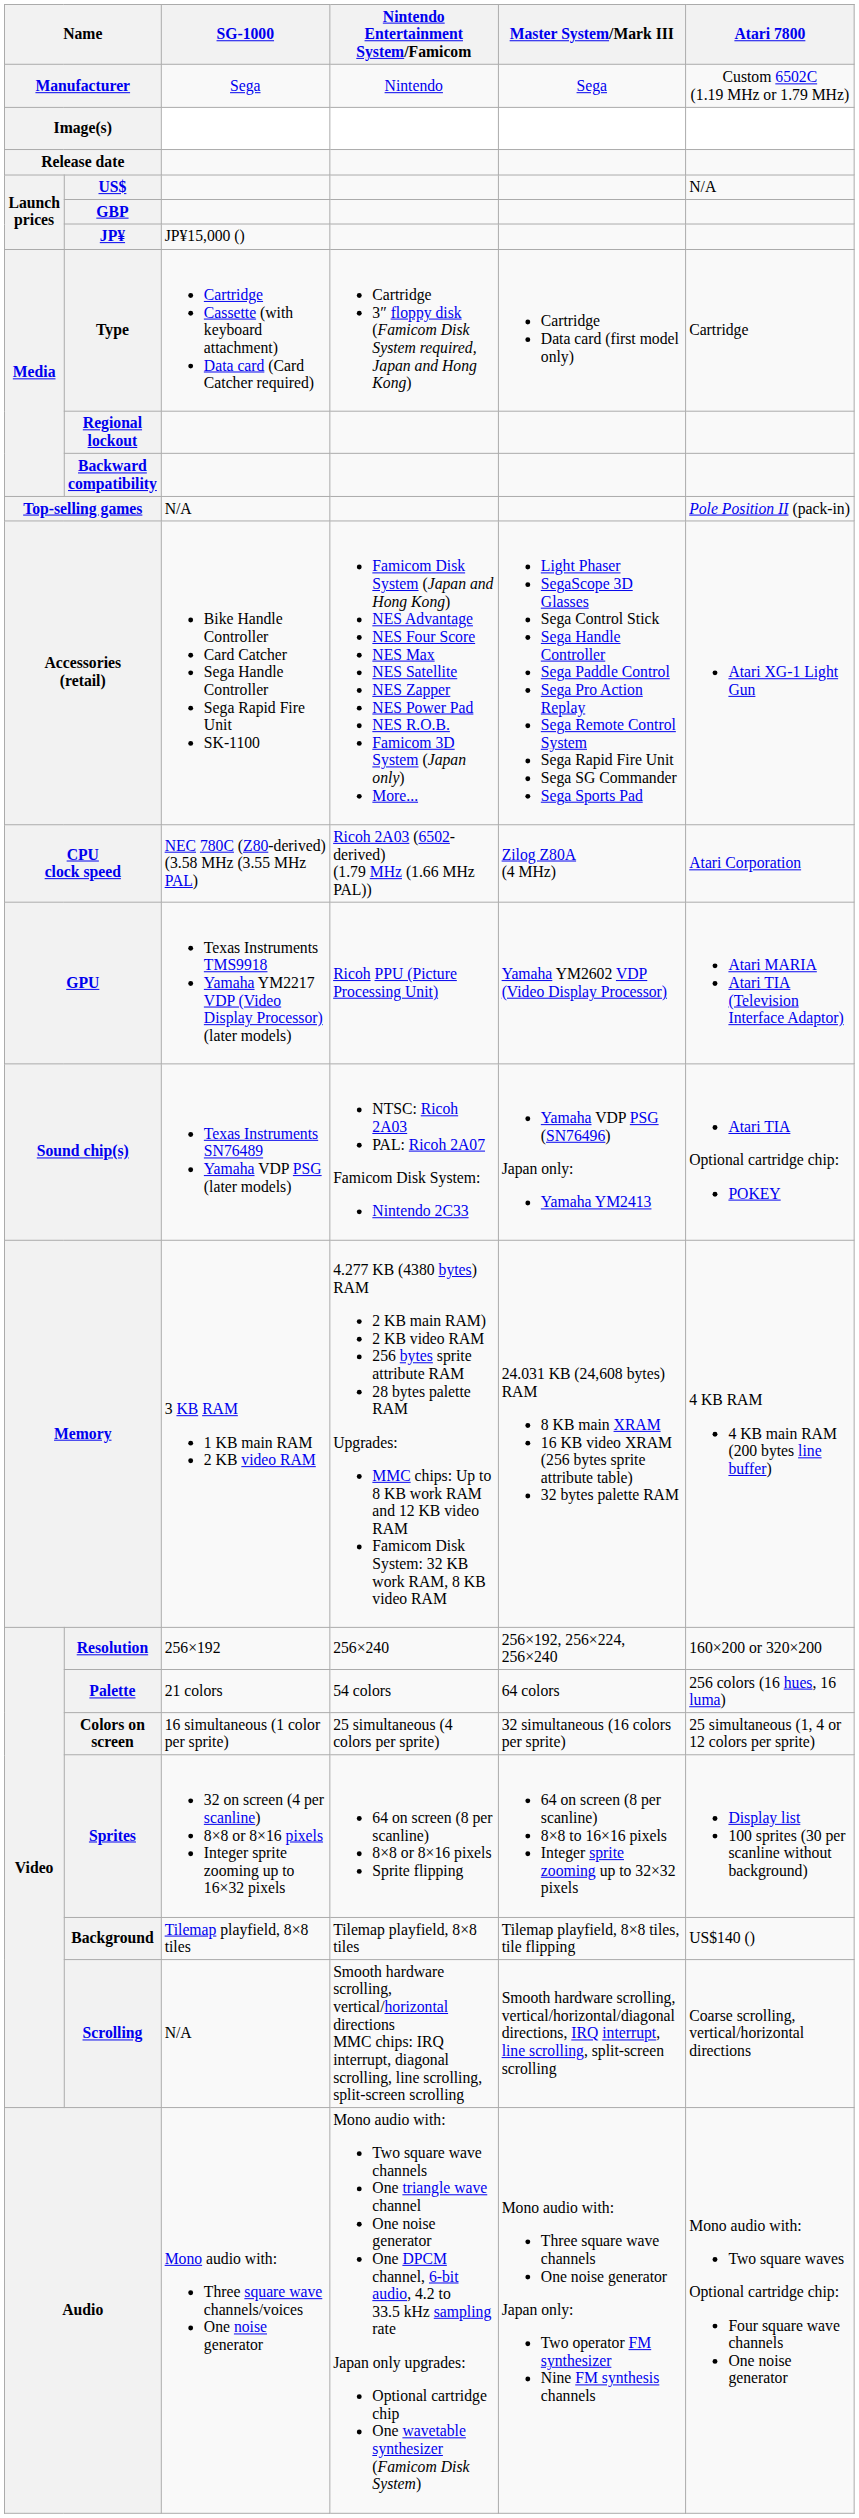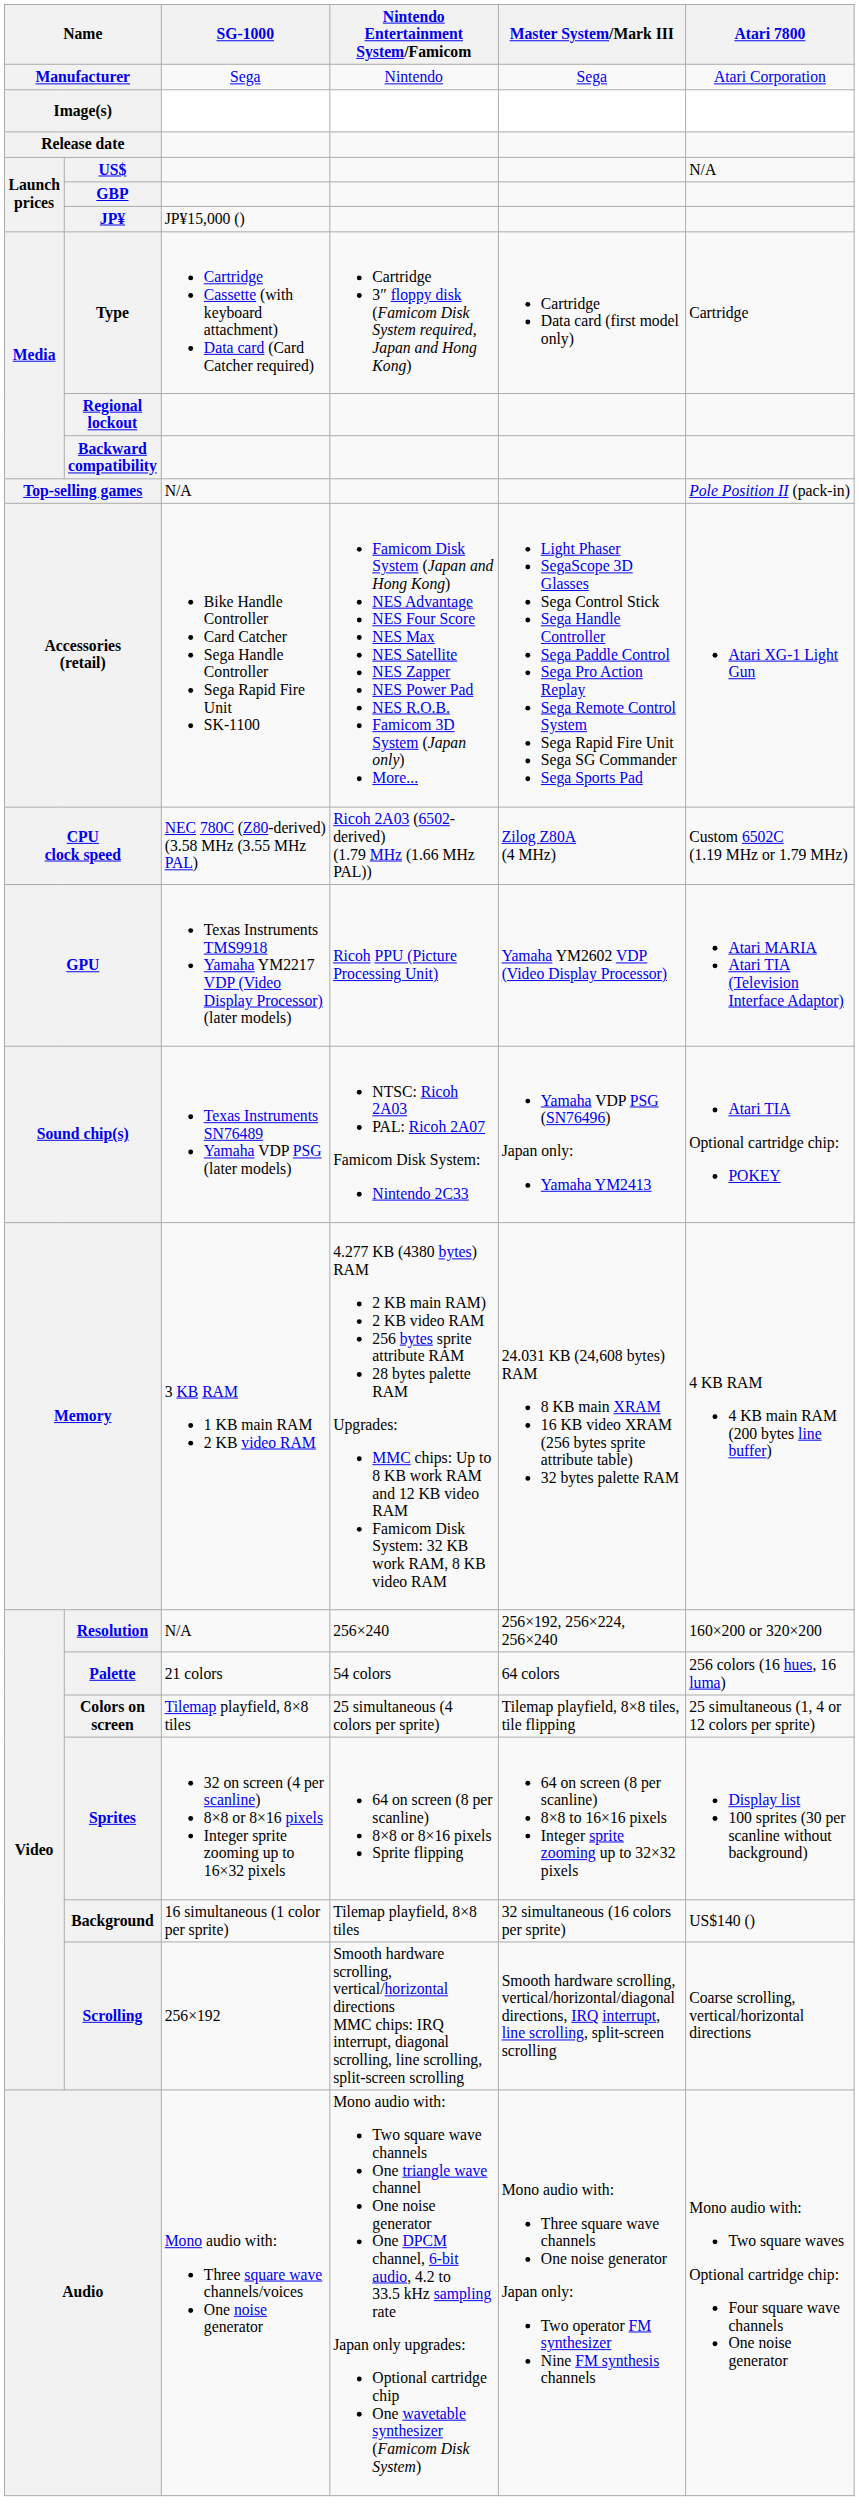 <table class="wikitable">
 <tr>
 <th colspan="2" style="width: 5%">Name</th>
 <th style="width: 19%;"><a href='#'>SG-1000</a></th>
 <th style="width: 19%;"><a href='#'>Nintendo Entertainment System</a>/Famicom</th>
 <th style="width: 19%;"><a href='#'>Master System</a>/Mark III</th>
 <th style="width: 19%;"><a href='#'>Atari 7800</a></th>
 </tr>
 <tr style="text-align:center;">
 <th colspan="2"><a href='#'>Manufacturer</a></th>
 <td><a href='#'>Sega</a></td>
 <td><a href='#'>Nintendo</a></td>
 <td><a href='#'>Sega</a></td>
-<td>Custom <a href='#'>6502C</a><br>(1.19 MHz or 1.79 MHz)</td>
+<td><a href='#'>Atari Corporation</a></td>
 </tr>
 <tr style="text-align:center;">
 <th colspan="2">Image(s)</th>
 <td style="background:white;"><br></td>
 <td style="background:white;"><br><br></td>
 <td style="background:white;"><br><br></td>
 <td style="background:white;"><br></td>
 </tr>
 <tr style="vertical-align: center">
 <th colspan="2">Release date</th>
 <td></td>
 <td></td>
 <td></td>
 <td></td>
 </tr>
 <tr>
 <th rowspan="3">Launch prices</th>
 <th><a href='#'>US$</a></th>
 <td></td>
 <td></td>
 <td></td>
 <td>N/A</td>
 </tr>
 <tr>
 <th><a href='#'>GBP</a></th>
 <td></td>
 <td></td>
 <td></td>
 <td></td>
 </tr>
 <tr>
 <th><a href='#'>JP¥</a></th>
 <td>JP¥15,000 ()</td>
 <td></td>
 <td></td>
 <td></td>
 </tr>
 <tr>
 <th rowspan="3"><a href='#'>Media</a></th>
 <th>Type</th>
 <td><br><ul><li><a href='#'>Cartridge</a></li><li><a href='#'>Cassette</a> (with keyboard attachment)</li><li><a href='#'>Data card</a> (Card Catcher required)</li></ul></td>
 <td><br><ul><li>Cartridge</li><li>3″ <a href='#'>floppy disk</a> (<em>Famicom Disk System required, Japan and Hong Kong</em>)</li></ul></td>
 <td><br><ul><li>Cartridge</li><li>Data card (first model only)</li></ul></td>
 <td>Cartridge</td>
 </tr>
 <tr style="vertical-align: center">
 <th><a href='#'>Regional lockout</a></th>
 <td></td>
 <td></td>
 <td></td>
 <td></td>
 </tr>
 <tr style="vertical-align: center">
 <th><a href='#'>Backward compatibility</a></th>
 <td></td>
 <td></td>
 <td></td>
 <td></td>
 </tr>
 <tr>
 <th colspan="2"><a href='#'>Top-selling games</a></th>
 <td>N/A</td>
 <td></td>
 <td></td>
 <td><em><a href='#'>Pole Position II</a></em> (pack-in)</td>
 </tr>
 <tr>
 <th colspan="2">Accessories<br>(retail)</th>
 <td><br><ul><li>Bike Handle Controller</li><li>Card Catcher</li><li>Sega Handle Controller</li><li>Sega Rapid Fire Unit</li><li>SK-1100</li></ul></td>
 <td><br><ul><li><a href='#'>Famicom Disk System</a> (<em>Japan and Hong Kong</em>)</li><li><a href='#'>NES Advantage</a></li><li><a href='#'>NES Four Score</a></li><li><a href='#'>NES Max</a></li><li><a href='#'>NES Satellite</a></li><li><a href='#'>NES Zapper</a></li><li><a href='#'>NES Power Pad</a></li><li><a href='#'>NES R.O.B.</a></li><li><a href='#'>Famicom 3D System</a> (<em>Japan only</em>)</li><li><a href='#'>More...</a></li></ul></td>
 <td><br><ul><li><a href='#'>Light Phaser</a></li><li><a href='#'>SegaScope 3D Glasses</a></li><li>Sega Control Stick</li><li><a href='#'>Sega Handle Controller</a></li><li><a href='#'>Sega Paddle Control</a></li><li><a href='#'>Sega Pro Action Replay</a></li><li><a href='#'>Sega Remote Control System</a></li><li>Sega Rapid Fire Unit</li><li>Sega SG Commander</li><li><a href='#'>Sega Sports Pad</a></li></ul></td>
 <td><br><ul><li><a href='#'>Atari XG-1 Light Gun</a></li></ul></td>
 </tr>
 <tr style="vertical-align: center">
 <th colspan="2"><a href='#'>CPU</a><br><a href='#'>clock speed</a></th>
 <td><a href='#'>NEC</a> <a href='#'>780C</a> (<a href='#'>Z80</a>-derived)<br>(3.58 MHz (3.55 MHz <a href='#'>PAL</a>)</td>
 <td><a href='#'>Ricoh 2A03</a> (<a href='#'>6502</a>-derived)<br>(1.79 <a href='#'>MHz</a> (1.66 MHz PAL))</td>
 <td><a href='#'>Zilog Z80A</a><br>(4 MHz)</td>
-<td><a href='#'>Atari Corporation</a></td>
+<td>Custom <a href='#'>6502C</a><br>(1.19 MHz or 1.79 MHz)</td>
 </tr>
 <tr style="vertical-align: center">
 <th colspan="2"><a href='#'>GPU</a></th>
 <td><br><ul><li>Texas Instruments <a href='#'>TMS9918</a></li><li><a href='#'>Yamaha</a> YM2217 <a href='#'>VDP (Video Display Processor)</a> (later models)</li></ul></td>
 <td><a href='#'>Ricoh</a> <a href='#'>PPU (Picture Processing Unit)</a></td>
 <td><a href='#'>Yamaha</a> YM2602 <a href='#'>VDP (Video Display Processor)</a></td>
 <td><br><ul><li><a href='#'>Atari MARIA</a></li><li><a href='#'>Atari TIA (Television Interface Adaptor)</a></li></ul></td>
 </tr>
 <tr>
 <th colspan="2"><a href='#'>Sound chip(s)</a></th>
 <td><br><ul><li><a href='#'>Texas Instruments SN76489</a></li><li><a href='#'>Yamaha</a> VDP <a href='#'>PSG</a> (later models)</li></ul></td>
 <td><br><ul><li>NTSC: <a href='#'>Ricoh 2A03</a></li><li>PAL: <a href='#'>Ricoh 2A07</a></li></ul>Famicom Disk System:<ul><li><a href='#'>Nintendo 2C33</a></li></ul></td>
 <td><br><ul><li><a href='#'>Yamaha</a> VDP <a href='#'>PSG</a> (<a href='#'>SN76496</a>)</li></ul>Japan only:<ul><li><a href='#'>Yamaha YM2413</a></li></ul></td>
 <td><br><ul><li><a href='#'>Atari TIA</a></li></ul>Optional cartridge chip:<ul><li><a href='#'>POKEY</a></li></ul></td>
 </tr>
 <tr style="vertical-align: center">
 <th colspan="2"><a href='#'>Memory</a></th>
 <td><br>3 <a href='#'>KB</a> <a href='#'>RAM</a><ul><li>1 KB main RAM</li><li>2 KB <a href='#'>video RAM</a></li></ul></td>
 <td><br>4.277 KB (4380 <a href='#'>bytes</a>) RAM<ul><li>2 KB main RAM)</li><li>2 KB video RAM</li><li>256 <a href='#'>bytes</a> sprite attribute RAM</li><li>28 bytes palette RAM</li></ul>Upgrades:<ul><li><a href='#'>MMC</a> chips: Up to 8 KB work RAM and 12 KB video RAM</li><li>Famicom Disk System: 32 KB work RAM, 8 KB video RAM</li></ul></td>
 <td><br>24.031 KB (24,608 bytes) RAM<ul><li>8 KB main <a href='#'>XRAM</a></li><li>16 KB video XRAM<br>(256 bytes sprite attribute table)</li><li>32 bytes palette RAM</li></ul></td>
 <td><br>4 KB RAM<ul><li>4 KB main RAM<br>(200 bytes <a href='#'>line buffer</a>)</li></ul></td>
 </tr>
 <tr style="vertical-align: center">
 <th rowspan="6">Video</th>
 <th><a href='#'>Resolution</a></th>
-<td>256×192</td>
+<td>N/A</td>
 <td>256×240</td>
 <td>256×192, 256×224, 256×240</td>
 <td>160×200 or 320×200</td>
 </tr>
 <tr>
 <th><a href='#'>Palette</a></th>
 <td>21 colors</td>
 <td>54 colors</td>
 <td>64 colors</td>
 <td>256 colors (16 <a href='#'>hues</a>, 16 <a href='#'>luma</a>)</td>
 </tr>
 <tr>
 <th>Colors on screen</th>
-<td>16 simultaneous (1 color per sprite)</td>
+<td><a href='#'>Tilemap</a> playfield, 8×8 tiles</td>
 <td>25 simultaneous (4 colors per sprite)</td>
-<td>32 simultaneous (16 colors per sprite)</td>
+<td>Tilemap playfield, 8×8 tiles, tile flipping</td>
 <td>25 simultaneous (1, 4 or 12 colors per sprite)</td>
 </tr>
 <tr>
 <th><a href='#'>Sprites</a></th>
 <td><br><ul><li>32 on screen (4 per <a href='#'>scanline</a>)</li><li>8×8 or 8×16 <a href='#'>pixels</a></li><li>Integer sprite zooming up to 16×32 pixels</li></ul></td>
 <td><br><ul><li>64 on screen (8 per scanline)</li><li>8×8 or 8×16 pixels</li><li>Sprite flipping</li></ul></td>
 <td><br><ul><li>64 on screen (8 per scanline)</li><li>8×8 to 16×16 pixels</li><li>Integer <a href='#'>sprite zooming</a> up to 32×32 pixels</li></ul></td>
 <td><br><ul><li><a href='#'>Display list</a></li><li>100 sprites (30 per scanline without background)</li></ul></td>
 </tr>
 <tr>
 <th>Background</th>
-<td><a href='#'>Tilemap</a> playfield, 8×8 tiles</td>
+<td>16 simultaneous (1 color per sprite)</td>
 <td>Tilemap playfield, 8×8 tiles</td>
-<td>Tilemap playfield, 8×8 tiles, tile flipping</td>
+<td>32 simultaneous (16 colors per sprite)</td>
 <td>US$140 ()</td>
 </tr>
 <tr>
 <th><a href='#'>Scrolling</a></th>
-<td>N/A</td>
+<td>256×192</td>
 <td>Smooth hardware scrolling, vertical/<a href='#'>horizontal</a> directions<br>MMC chips: IRQ interrupt, diagonal scrolling, line scrolling, split‑screen scrolling</td>
 <td>Smooth hardware scrolling, vertical/horizontal/diagonal directions, <a href='#'>IRQ</a> <a href='#'>interrupt</a>, <a href='#'>line scrolling</a>, split‑screen scrolling</td>
 <td>Coarse scrolling, vertical/horizontal directions</td>
 </tr>
 <tr style="vertical-align: center">
 <th colspan="2">Audio</th>
 <td><a href='#'>Mono</a> audio with:<br><ul><li>Three <a href='#'>square wave</a> channels/voices</li><li>One <a href='#'>noise</a> generator</li></ul></td>
 <td>Mono audio with:<br><ul><li>Two square wave channels</li><li>One <a href='#'>triangle wave</a> channel</li><li>One noise generator</li><li>One <a href='#'>DPCM</a> channel, <a href='#'>6-bit audio</a>, 4.2 to 33.5 kHz <a href='#'>sampling</a> rate</li></ul>Japan only upgrades:<ul><li>Optional cartridge chip</li><li>One <a href='#'>wavetable synthesizer</a> (<em>Famicom Disk System</em>)</li></ul></td>
 <td>Mono audio with:<br><ul><li>Three square wave channels</li><li>One noise generator</li></ul>Japan only:<ul><li>Two operator <a href='#'>FM synthesizer</a></li><li>Nine <a href='#'>FM synthesis</a> channels</li></ul></td>
 <td>Mono audio with:<br><ul><li>Two square waves</li></ul>Optional cartridge chip:<ul><li>Four square wave channels</li><li>One noise generator</li></ul></td>
 </tr>
 </table>
